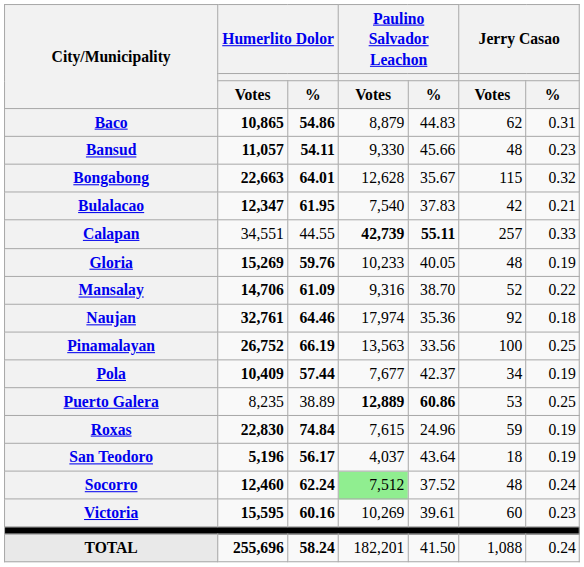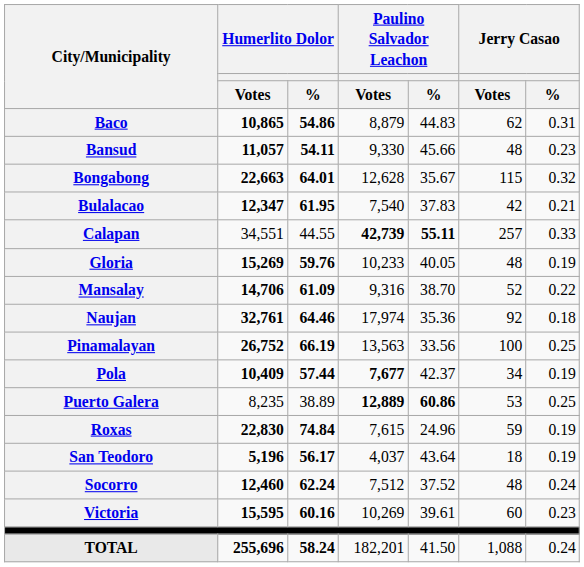 <table class="wikitable collapsible collapsed" style="text-align:right; font-size:95%; line-height:20px;">
 <tr>
 <th rowspan="3" width="200">City/Municipality</th>
 <th colspan="2" width="110"><a href='#'>Humerlito Dolor</a></th>
 <th colspan="2" width="110"><a href='#'>Paulino Salvador Leachon</a></th>
 <th colspan="2" width="110">Jerry Casao</th>
 </tr>
 <tr>
 <th colspan="2" style="background:"></th>
 <th colspan="2" style="background:"></th>
 <th colspan="2" style="background:"></th>
 </tr>
 <tr>
 <th>Votes</th>
 <th>%</th>
 <th>Votes</th>
 <th>%</th>
 <th>Votes</th>
 <th>%</th>
 </tr>
 <tr>
 <th scope="row"><a href='#'>Baco</a></th>
 <td style="background:#"><strong>10,865</strong></td>
 <td style="background:#"><strong>54.86</strong></td>
 <td>8,879</td>
 <td>44.83</td>
 <td>62</td>
 <td>0.31</td>
 </tr>
 <tr>
 <th scope="row"><a href='#'>Bansud</a></th>
 <td style="background:#"><strong>11,057</strong></td>
 <td style="background:#"><strong>54.11</strong></td>
 <td>9,330</td>
 <td>45.66</td>
 <td>48</td>
 <td>0.23</td>
 </tr>
 <tr>
 <th scope="row"><a href='#'>Bongabong</a></th>
 <td style="background:#"><strong>22,663</strong></td>
 <td style="background:#"><strong>64.01</strong></td>
 <td>12,628</td>
 <td>35.67</td>
 <td>115</td>
 <td>0.32</td>
 </tr>
 <tr>
 <th scope="row"><a href='#'>Bulalacao</a></th>
 <td style="background:#"><strong>12,347</strong></td>
 <td style="background:#"><strong>61.95</strong></td>
 <td>7,540</td>
 <td>37.83</td>
 <td>42</td>
 <td>0.21</td>
 </tr>
 <tr>
 <th scope="row"><a href='#'>Calapan</a></th>
 <td>34,551</td>
 <td>44.55</td>
 <td style="background-color:#"><strong>42,739</strong></td>
 <td style="background-color:#"><strong>55.11</strong></td>
 <td>257</td>
 <td>0.33</td>
 </tr>
 <tr>
 <th scope="row"><a href='#'>Gloria</a></th>
 <td style="background:#"><strong>15,269</strong></td>
 <td style="background:#"><strong>59.76</strong></td>
 <td>10,233</td>
 <td>40.05</td>
 <td>48</td>
 <td>0.19</td>
 </tr>
 <tr>
 <th scope="row"><a href='#'>Mansalay</a></th>
 <td style="background:#"><strong>14,706</strong></td>
 <td style="background:#"><strong>61.09</strong></td>
 <td>9,316</td>
 <td>38.70</td>
 <td>52</td>
 <td>0.22</td>
 </tr>
 <tr>
 <th scope="row"><a href='#'>Naujan</a></th>
 <td style="background:#"><strong>32,761</strong></td>
 <td style="background:#"><strong>64.46</strong></td>
 <td>17,974</td>
 <td>35.36</td>
 <td>92</td>
 <td>0.18</td>
 </tr>
 <tr>
 <th scope="row"><a href='#'>Pinamalayan</a></th>
 <td style="background:#"><strong>26,752</strong></td>
 <td style="background:#"><strong>66.19</strong></td>
 <td>13,563</td>
 <td>33.56</td>
 <td>100</td>
 <td>0.25</td>
 </tr>
 <tr>
 <th scope="row"><a href='#'>Pola</a></th>
 <td style="background:#"><strong>10,409</strong></td>
 <td style="background:#"><strong>57.44</strong></td>
-<td>7,677</td>
+<td><strong>7,677</strong></td>
 <td>42.37</td>
 <td>34</td>
 <td>0.19</td>
 </tr>
 <tr>
 <th scope="row"><a href='#'>Puerto Galera</a></th>
 <td>8,235</td>
 <td>38.89</td>
 <td style="background-color:#"><strong>12,889</strong></td>
 <td style="background-color:#"><strong>60.86</strong></td>
 <td>53</td>
 <td>0.25</td>
 </tr>
 <tr>
 <th scope="row"><a href='#'>Roxas</a></th>
 <td style="background:#"><strong>22,830</strong></td>
 <td style="background:#"><strong>74.84</strong></td>
 <td>7,615</td>
 <td>24.96</td>
 <td>59</td>
 <td>0.19</td>
 </tr>
 <tr>
 <th scope="row"><a href='#'>San Teodoro</a></th>
 <td style="background:#"><strong>5,196</strong></td>
 <td style="background:#"><strong>56.17</strong></td>
 <td>4,037</td>
 <td>43.64</td>
 <td>18</td>
 <td>0.19</td>
 </tr>
 <tr>
 <th scope="row"><a href='#'>Socorro</a></th>
 <td style="background:#"><strong>12,460</strong></td>
 <td style="background:#"><strong>62.24</strong></td>
-<td style="background: lightgreen;">7,512</td>
+<td>7,512</td>
 <td>37.52</td>
 <td>48</td>
 <td>0.24</td>
 </tr>
 <tr>
 <th scope="row"><a href='#'>Victoria</a></th>
 <td style="background:#"><strong>15,595</strong></td>
 <td style="background:#"><strong>60.16</strong></td>
 <td>10,269</td>
 <td>39.61</td>
 <td>60</td>
 <td>0.23</td>
 </tr>
 <tr>
 <td colspan=7 bgcolor=black></td>
 </tr>
 <tr>
 <td style="background:#E9E9E9;" align="center"><strong>TOTAL</strong></td>
 <td style="background:#"><strong>255,696</strong></td>
 <td style="background:#"><strong>58.24</strong></td>
 <td>182,201</td>
 <td>41.50</td>
 <td>1,088</td>
 <td>0.24</td>
 </tr>
 </table>
